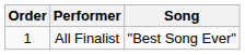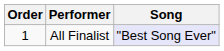 <table class="wikitable" style="text-align:center;">
 <tr>
 <th>Order</th>
 <th>Performer</th>
 <th>Song</th>
 </tr>
 <tr>
 <td>1</td>
 <td>All Finalist</td>
-<td>"Best Song Ever"</td>
+<td style="background: lavender;">"Best Song Ever"</td>
 </tr>
 </table>
